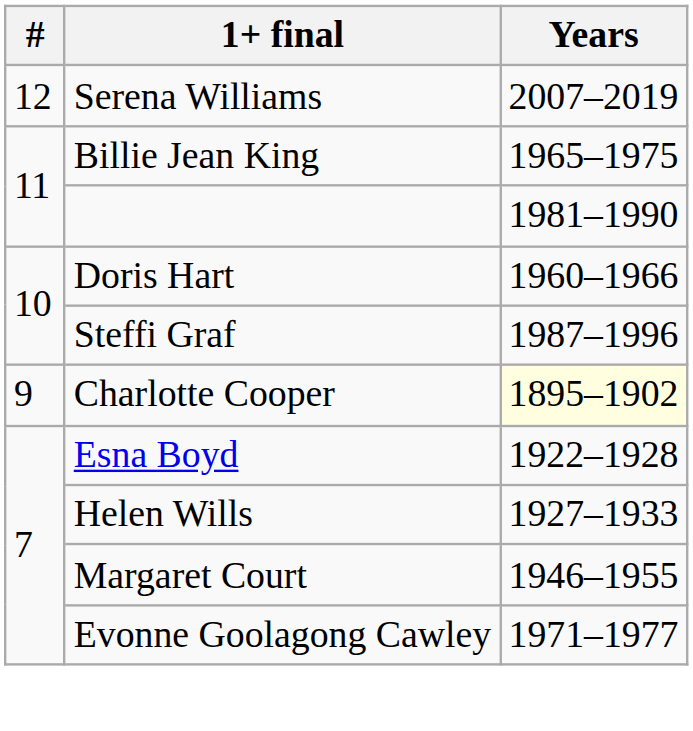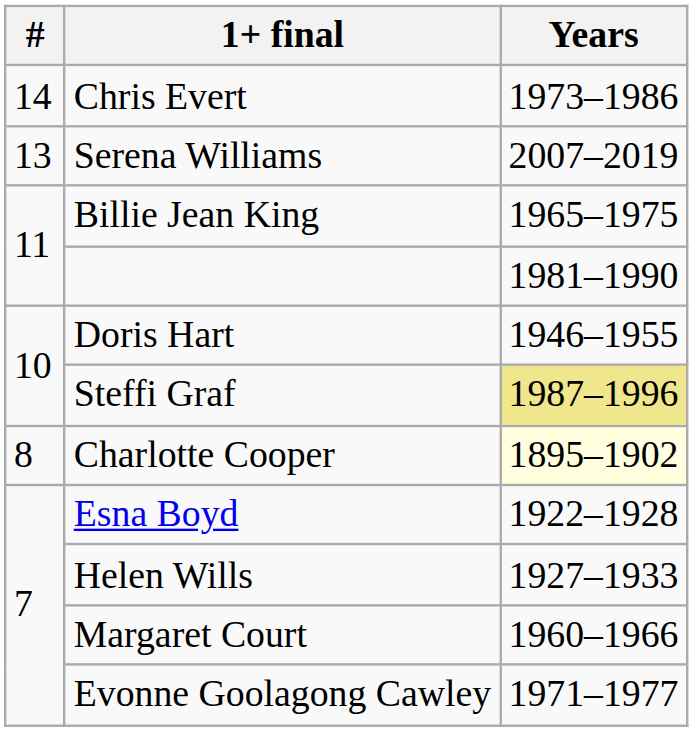 <table class="wikitable" style="display:inline-table;">
 <tr>
 <th style="width:18px;">#</th>
 <th>1+ final</th>
 <th>Years</th>
 </tr>
 <tr>
-<td>12</td>
+<td>14</td>
+<td> Chris Evert</td>
+<td>1973–1986</td>
+</tr>
+<tr>
+<td>13</td>
 <td> Serena Williams</td>
 <td>2007–2019</td>
 </tr>
 <tr>
 <td rowspan="2">11</td>
 <td> Billie Jean King</td>
 <td>1965–1975</td>
 </tr>
 <tr>
 <td></td>
 <td>1981–1990</td>
 </tr>
 <tr>
 <td rowspan="2">10</td>
 <td> Doris Hart</td>
-<td>1960–1966</td>
+<td>1946–1955</td>
 </tr>
 <tr>
 <td> Steffi Graf</td>
-<td>1987–1996</td>
+<td style="background: khaki;">1987–1996</td>
 </tr>
 <tr>
-<td>9</td>
+<td>8</td>
 <td> Charlotte Cooper</td>
 <td style="background: lightyellow;">1895–1902</td>
 </tr>
 <tr>
 <td rowspan="4">7</td>
 <td> <a href='#'>Esna Boyd</a></td>
 <td>1922–1928</td>
 </tr>
 <tr>
 <td> Helen Wills</td>
 <td>1927–1933</td>
 </tr>
 <tr>
 <td> Margaret Court</td>
-<td>1946–1955</td>
+<td>1960–1966</td>
 </tr>
 <tr>
 <td> Evonne Goolagong Cawley</td>
 <td>1971–1977</td>
 </tr>
 </table>
